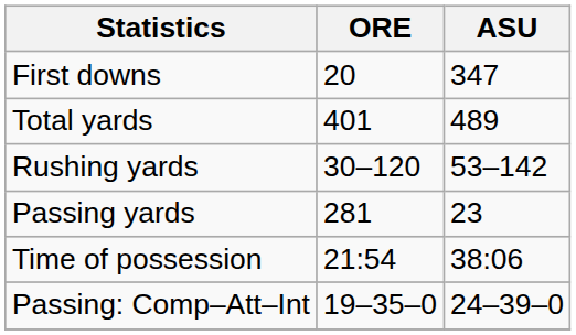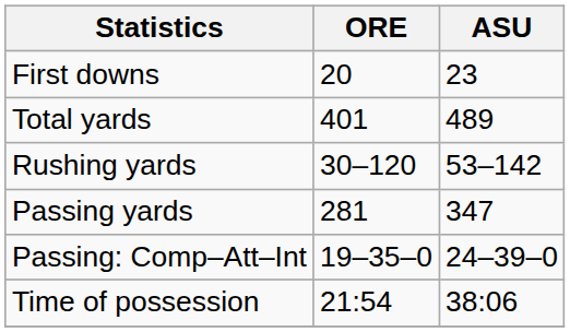 <table class="wikitable" style="float: left;">
 <tr>
 <th>Statistics</th>
 <th>ORE</th>
 <th>ASU</th>
 </tr>
 <tr>
 <td>First downs</td>
 <td>20</td>
-<td>347</td>
+<td>23</td>
 </tr>
 <tr>
 <td>Total yards</td>
 <td>401</td>
 <td>489</td>
 </tr>
 <tr>
 <td>Rushing yards</td>
 <td>30–120</td>
 <td>53–142</td>
 </tr>
 <tr>
 <td>Passing yards</td>
 <td>281</td>
-<td>23</td>
+<td>347</td>
+</tr>
+<tr>
+<td>Passing: Comp–Att–Int</td>
+<td>19–35–0</td>
+<td>24–39–0</td>
 </tr>
 <tr>
 <td>Time of possession</td>
 <td>21:54</td>
 <td>38:06</td>
 </tr>
 <tr>
-<td>Passing: Comp–Att–Int</td>
-<td>19–35–0</td>
-<td>24–39–0</td>
-</tr>
-<tr>
 </tr>
 </table>
